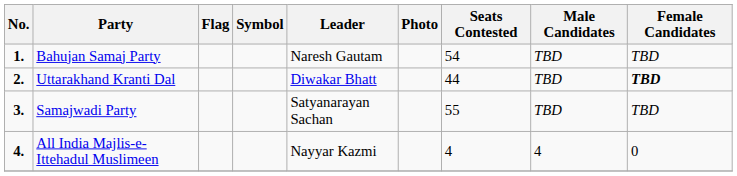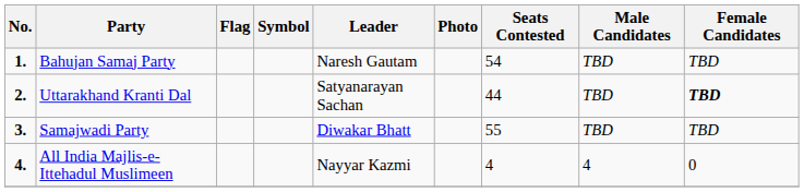 <table class="wikitable"  " width="50%">
 <tr>
 <th>No.</th>
 <th>Party</th>
 <th>Flag</th>
 <th>Symbol</th>
 <th>Leader</th>
 <th>Photo</th>
 <th>Seats Contested</th>
 <th>Male Candidates</th>
 <th>Female Candidates</th>
 </tr>
 <tr>
 <td style="text-align:center; background:"><strong>1.</strong></td>
 <td><a href='#'>Bahujan Samaj Party</a></td>
 <td></td>
 <td></td>
 <td>Naresh Gautam</td>
 <td></td>
 <td>54</td>
 <td><em>TBD</em></td>
 <td><em>TBD</em></td>
 </tr>
 <tr>
 <td style="text-align:center; background:"><strong>2.</strong></td>
 <td><a href='#'>Uttarakhand Kranti Dal</a></td>
 <td></td>
 <td></td>
-<td><a href='#'>Diwakar Bhatt</a></td>
+<td>Satyanarayan Sachan</td>
 <td></td>
 <td>44</td>
 <td><em>TBD</em></td>
 <td><strong><em>TBD</em></strong></td>
 </tr>
 <tr>
 <td style="text-align:center; background:"><strong>3.</strong></td>
 <td><a href='#'>Samajwadi Party</a></td>
 <td></td>
 <td></td>
-<td>Satyanarayan Sachan</td>
+<td><a href='#'>Diwakar Bhatt</a></td>
 <td></td>
 <td>55</td>
 <td><em>TBD</em></td>
 <td><em>TBD</em></td>
 </tr>
 <tr>
 <td style="text-align:center; background:"><strong>4.</strong></td>
 <td><a href='#'>All India Majlis-e-Ittehadul Muslimeen</a></td>
 <td></td>
 <td></td>
 <td>Nayyar Kazmi</td>
 <td></td>
 <td>4</td>
 <td>4</td>
 <td>0</td>
 </tr>
 <tr>
 </tr>
 </table>
